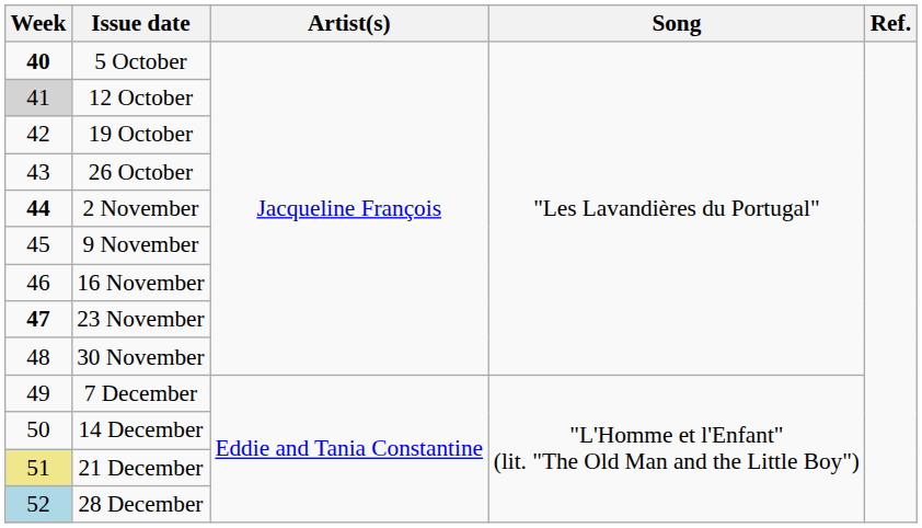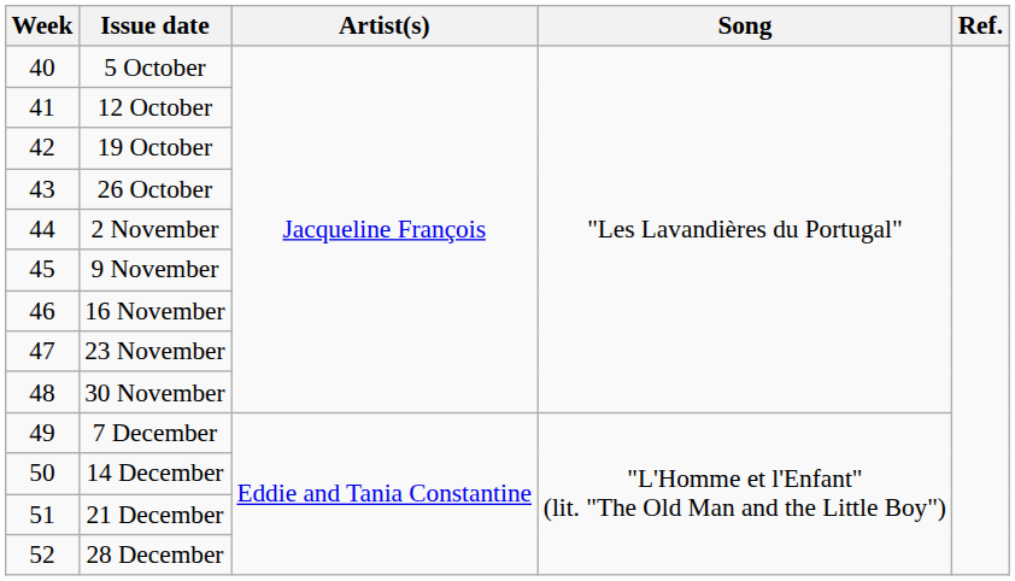 <table class="wikitable" style="text-align: center">
 <tr>
 <th>Week</th>
 <th>Issue date</th>
 <th>Artist(s)</th>
 <th>Song</th>
 <th>Ref.</th>
 </tr>
 <tr>
-<td><strong>40</strong></td>
+<td>40</td>
 <td>5 October</td>
 <td rowspan="9"><a href='#'>Jacqueline François</a></td>
 <td rowspan="9">"Les Lavandières du Portugal"</td>
 <td rowspan="13"></td>
 </tr>
 <tr>
-<td style="background: lightgrey;">41</td>
+<td>41</td>
 <td>12 October</td>
 </tr>
 <tr>
 <td>42</td>
 <td>19 October</td>
 </tr>
 <tr>
 <td>43</td>
 <td>26 October</td>
 </tr>
 <tr>
-<td><strong>44</strong></td>
+<td>44</td>
 <td>2 November</td>
 </tr>
 <tr>
 <td>45</td>
 <td>9 November</td>
 </tr>
 <tr>
 <td>46</td>
 <td>16 November</td>
 </tr>
 <tr>
-<td><strong>47</strong></td>
+<td>47</td>
 <td>23 November</td>
 </tr>
 <tr>
 <td>48</td>
 <td>30 November</td>
 </tr>
 <tr>
 <td>49</td>
 <td>7 December</td>
 <td rowspan="4"><a href='#'>Eddie and Tania Constantine</a></td>
 <td rowspan="4">"L'Homme et l'Enfant" <br>(lit. "The Old Man and the Little Boy")</td>
 </tr>
 <tr>
 <td>50</td>
 <td>14 December</td>
 </tr>
 <tr>
-<td style="background: khaki;">51</td>
+<td>51</td>
 <td>21 December</td>
 </tr>
 <tr>
-<td style="background: lightblue;">52</td>
+<td>52</td>
 <td>28 December</td>
 </tr>
 </table>
